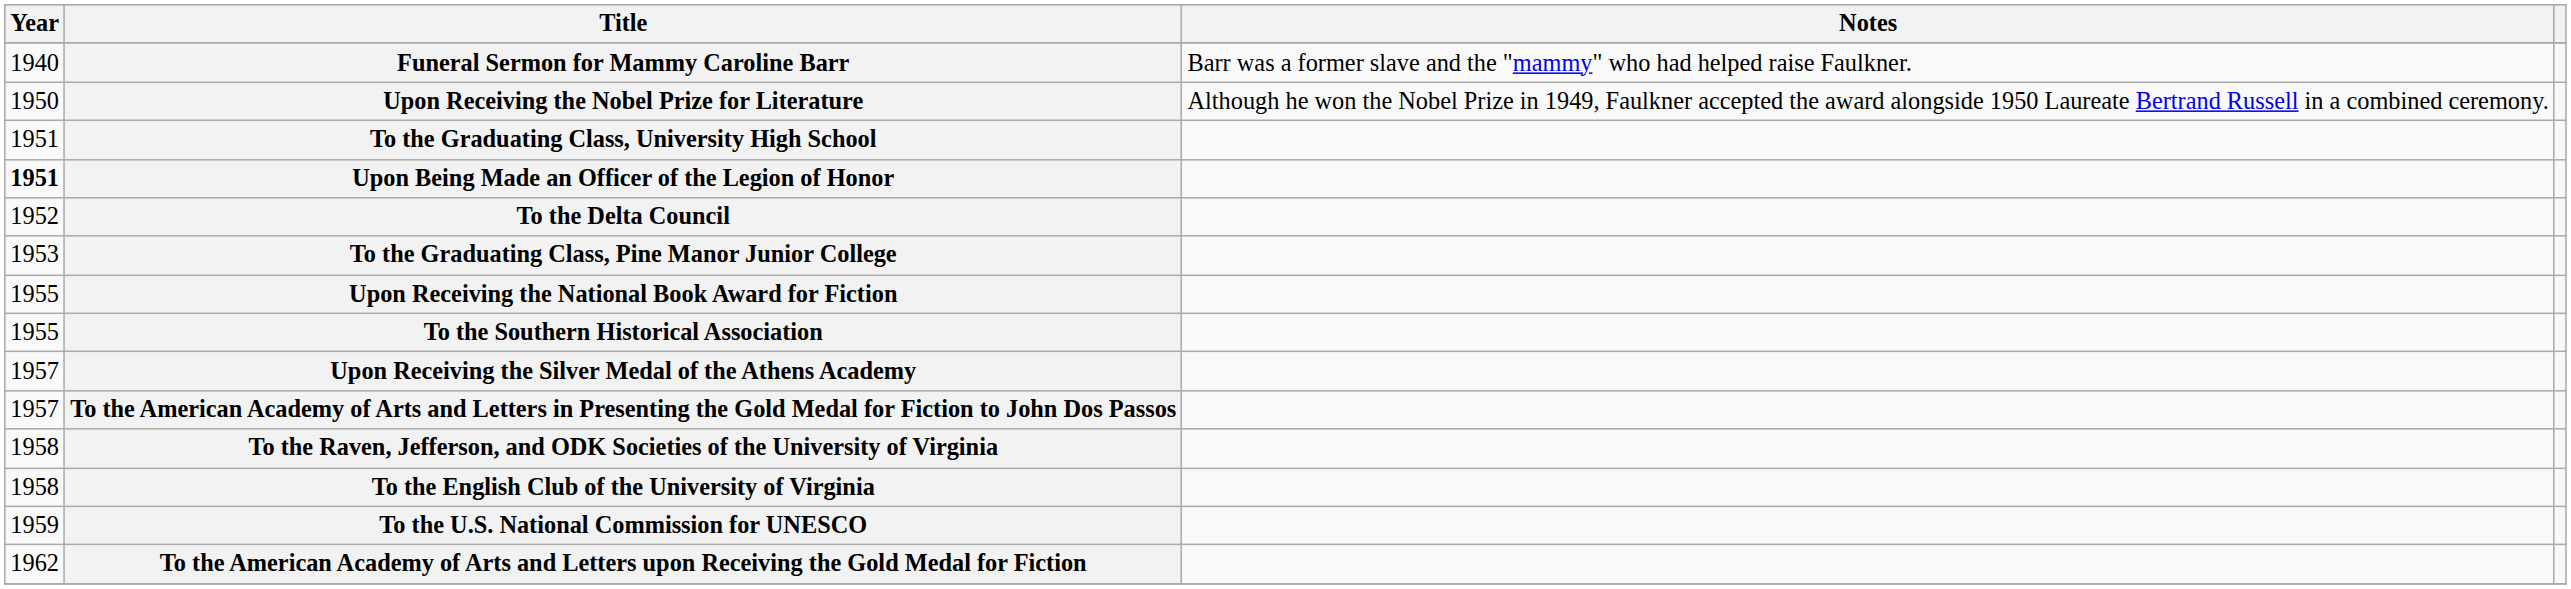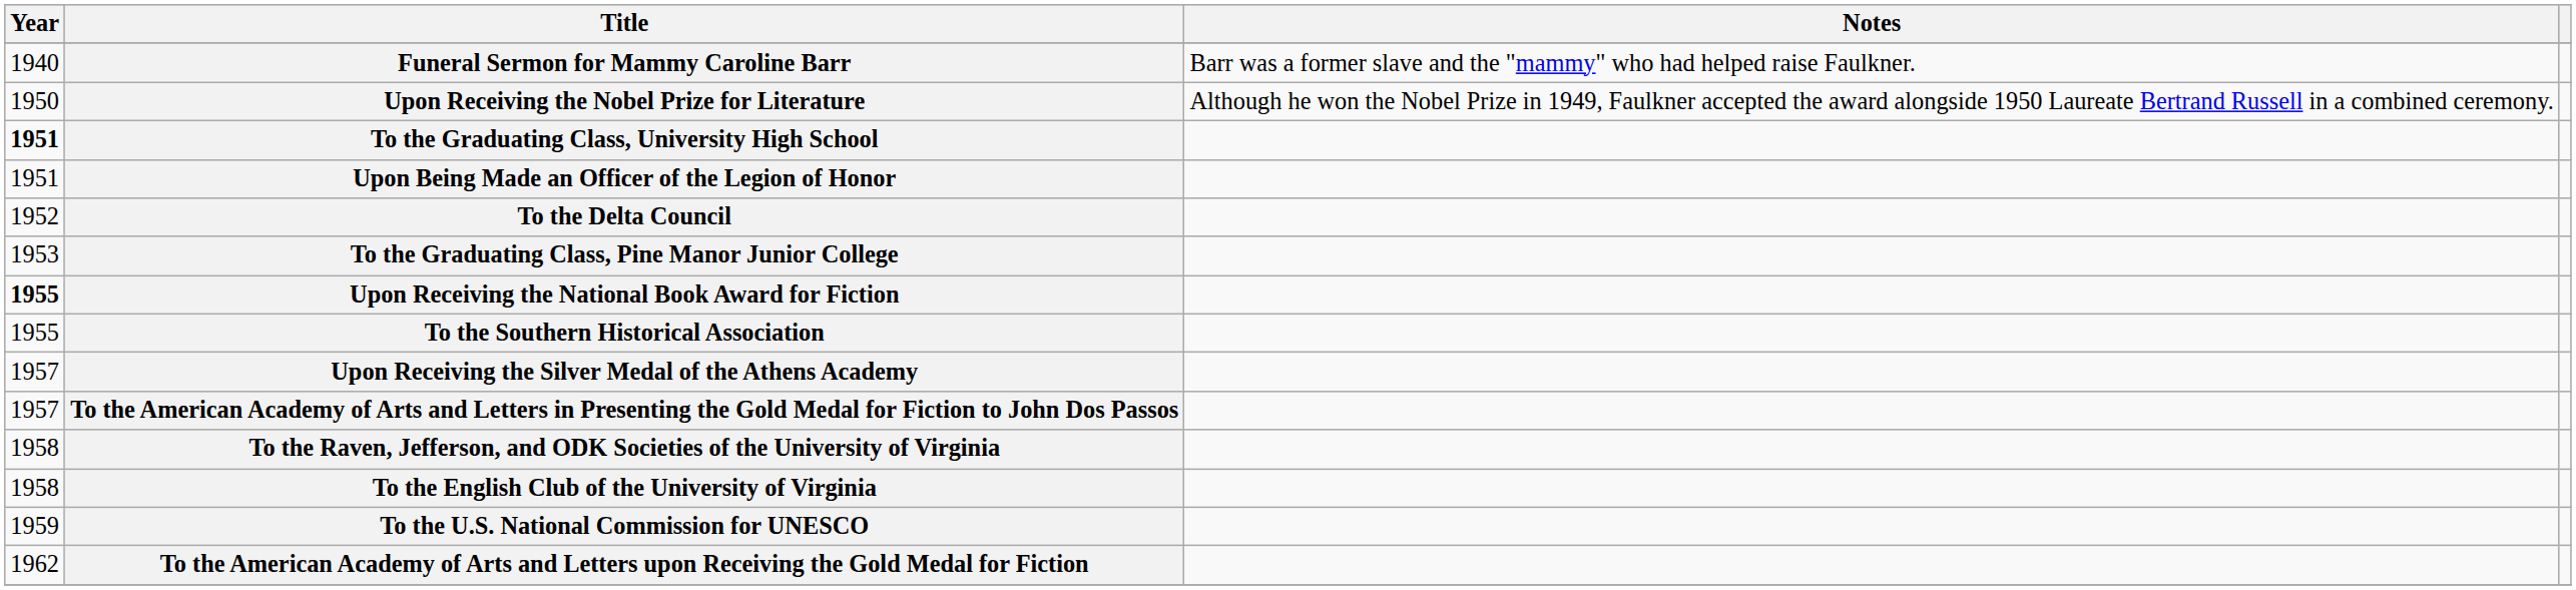 <table class="wikitable plainrowheaders sortable">
 <tr style="background:#ccc; text-align:center;">
 <th scope="col">Year</th>
 <th scope="col">Title</th>
 <th scope="col">Notes</th>
 <th scope="col" class="unsortable"></th>
 </tr>
 <tr>
 </tr>
 <tr>
 <td>1940</td>
 <th scope=row>Funeral Sermon for Mammy Caroline Barr</th>
 <td>Barr was a former slave and the "<a href='#'>mammy</a>" who had helped raise Faulkner.</td>
 <td style="text-align:center;"></td>
 </tr>
 <tr>
 <td>1950</td>
 <th scope=row>Upon Receiving the Nobel Prize for Literature</th>
 <td>Although he won the Nobel Prize in 1949, Faulkner accepted the award alongside 1950 Laureate <a href='#'>Bertrand Russell</a> in a combined ceremony.</td>
 <td style="text-align:center;"></td>
 </tr>
 <tr>
-<td>1951</td>
+<td><strong>1951</strong></td>
 <th scope=row>To the Graduating Class, University High School</th>
 <td></td>
 <td style="text-align:center;"></td>
 </tr>
 <tr>
-<td><strong>1951</strong></td>
+<td>1951</td>
 <th scope=row>Upon Being Made an Officer of the Legion of Honor</th>
 <td></td>
 <td style="text-align:center;"></td>
 </tr>
 <tr>
 <td>1952</td>
 <th scope=row>To the Delta Council</th>
 <td></td>
 <td style="text-align:center;"></td>
 </tr>
 <tr>
 <td>1953</td>
 <th scope=row>To the Graduating Class, Pine Manor Junior College</th>
 <td></td>
 <td style="text-align:center;"></td>
 </tr>
 <tr>
-<td>1955</td>
+<td><strong>1955</strong></td>
 <th scope=row>Upon Receiving the National Book Award for Fiction</th>
 <td></td>
 <td style="text-align:center;"></td>
 </tr>
 <tr>
 <td>1955</td>
 <th scope=row>To the Southern Historical Association</th>
 <td></td>
 <td style="text-align:center;"></td>
 </tr>
 <tr>
 <td>1957</td>
 <th scope=row>Upon Receiving the Silver Medal of the Athens Academy</th>
 <td></td>
 <td style="text-align:center;"></td>
 </tr>
 <tr>
 <td>1957</td>
 <th scope=row>To the American Academy of Arts and Letters in Presenting the Gold Medal for Fiction to John Dos Passos</th>
 <td></td>
 <td style="text-align:center;"></td>
 </tr>
 <tr>
 <td>1958</td>
 <th scope=row>To the Raven, Jefferson, and ODK Societies of the University of Virginia</th>
 <td></td>
 <td style="text-align:center;"></td>
 </tr>
 <tr>
 <td>1958</td>
 <th scope=row>To the English Club of the University of Virginia</th>
 <td></td>
 <td style="text-align:center;"></td>
 </tr>
 <tr>
 <td>1959</td>
 <th scope=row>To the U.S. National Commission for UNESCO</th>
 <td></td>
 <td style="text-align:center;"></td>
 </tr>
 <tr>
 <td>1962</td>
 <th scope=row>To the American Academy of Arts and Letters upon Receiving the Gold Medal for Fiction</th>
 <td></td>
 <td style="text-align:center;"></td>
 </tr>
 <tr>
 </tr>
 </table>
